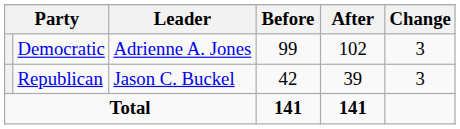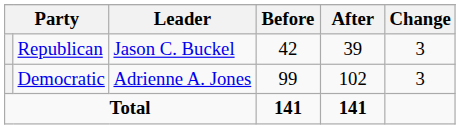 <table class="wikitable" style="text-align:center;">
 <tr>
 </tr>
 <tr>
 <th colspan=2>Party</th>
 <th>Leader</th>
 <th style="width:3em">Before</th>
 <th style="width:3em">After</th>
 <th style="width:3em">Change</th>
 </tr>
 <tr>
 <th style="background-color:"></th>
+<td style="text-align:left;"><a href='#'>Republican</a></td>
+<td style="text-align:left;"><a href='#'>Jason C. Buckel</a></td>
+<td>42</td>
+<td>39</td>
+<td> 3</td>
+</tr>
+<tr>
+<th style="background-color:"></th>
 <td style="text-align:left;"><a href='#'>Democratic</a></td>
 <td style="text-align:left;"><a href='#'>Adrienne A. Jones</a></td>
 <td>99</td>
 <td>102</td>
-<td> 3</td>
-</tr>
-<tr>
-<th style="background-color:"></th>
-<td style="text-align:left;"><a href='#'>Republican</a></td>
-<td style="text-align:left;"><a href='#'>Jason C. Buckel</a></td>
-<td>42</td>
-<td>39</td>
 <td> 3</td>
 </tr>
 <tr>
 <td colspan=3><strong>Total</strong></td>
 <td><strong>141</strong></td>
 <td><strong>141</strong></td>
 <td></td>
 </tr>
 </table>
